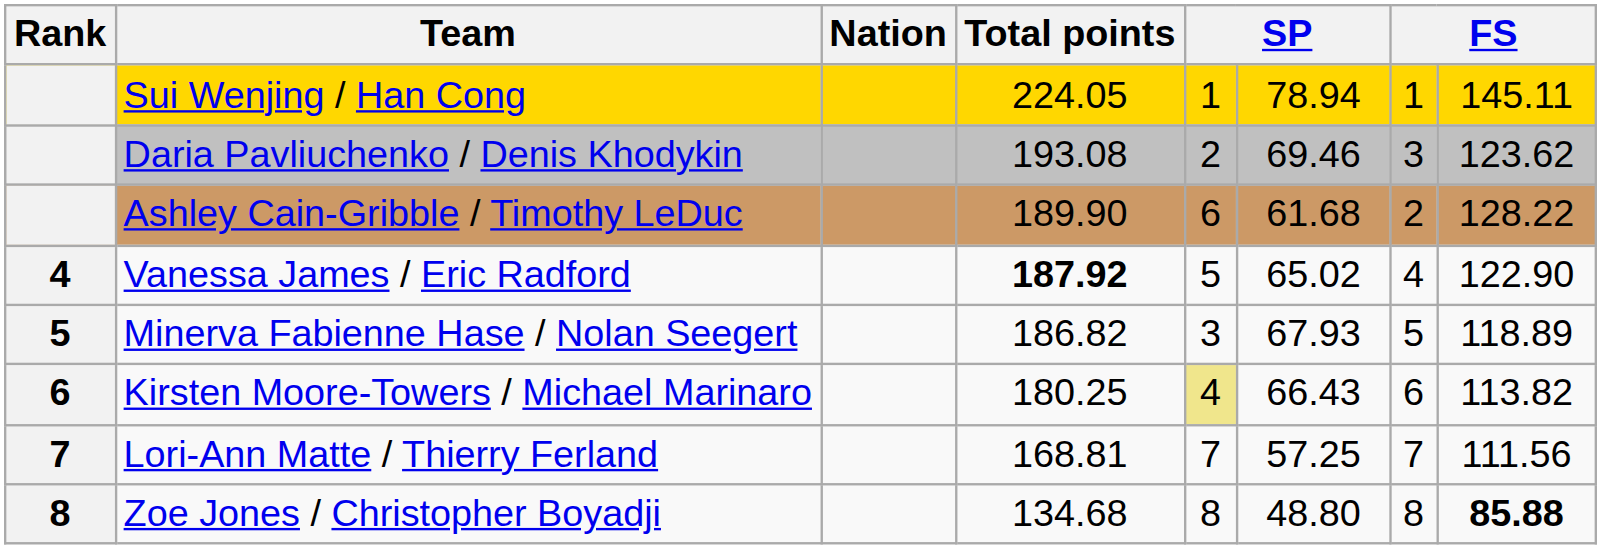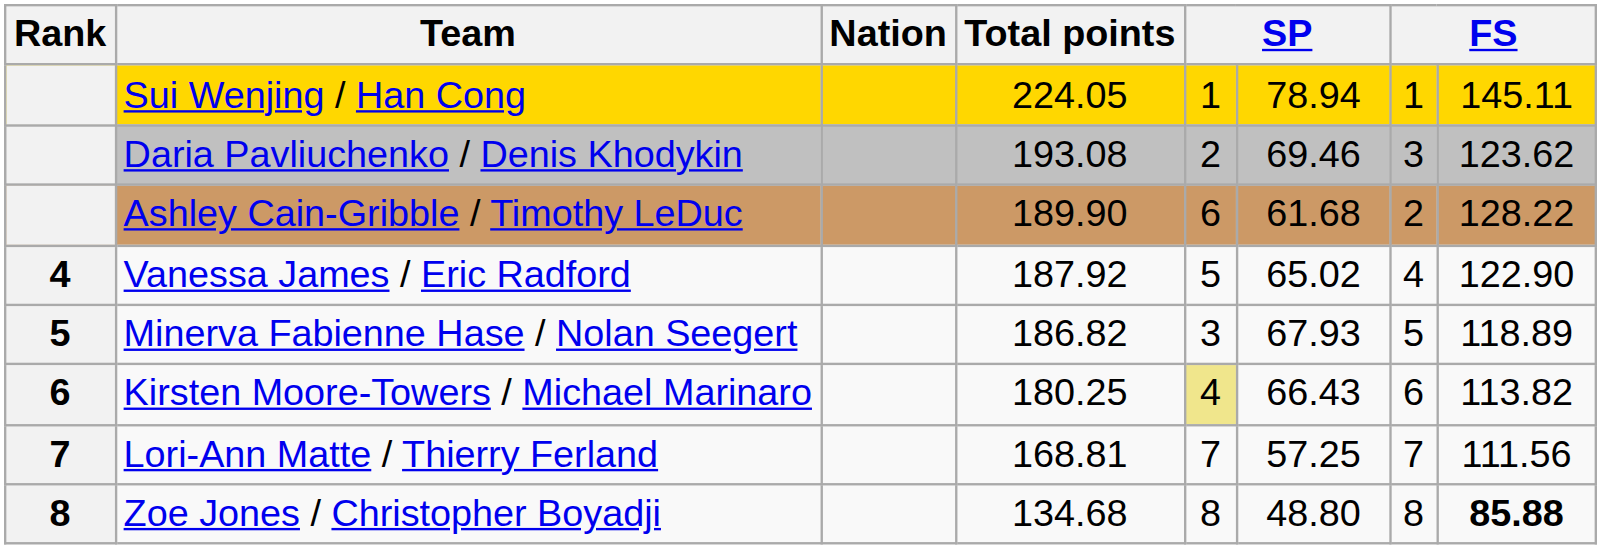 <table class="wikitable sortable" style="text-align:left">
 <tr>
 <th scope="col">Rank</th>
 <th scope="col">Team</th>
 <th scope="col">Nation</th>
 <th scope="col">Total points</th>
 <th scope="col" colspan="2" width="80px"><a href='#'>SP</a></th>
 <th scope="col" colspan="2" width="80px"><a href='#'>FS</a></th>
 </tr>
 <tr bgcolor="gold">
 <th scope="row"></th>
 <td><a href='#'>Sui Wenjing</a> / <a href='#'>Han Cong</a></td>
 <td></td>
 <td align="center">224.05</td>
 <td align="center">1</td>
 <td align="center">78.94</td>
 <td align="center">1</td>
 <td align="center">145.11</td>
 </tr>
 <tr bgcolor="silver">
 <th scope="row"></th>
 <td><a href='#'>Daria Pavliuchenko</a> / <a href='#'>Denis Khodykin</a></td>
 <td></td>
 <td align="center">193.08</td>
 <td align="center">2</td>
 <td align="center">69.46</td>
 <td align="center">3</td>
 <td align="center">123.62</td>
 </tr>
 <tr bgcolor="cc9966">
 <th scope="row"></th>
 <td><a href='#'>Ashley Cain-Gribble</a> / <a href='#'>Timothy LeDuc</a></td>
 <td></td>
 <td align="center">189.90</td>
 <td align="center">6</td>
 <td align="center">61.68</td>
 <td align="center">2</td>
 <td align="center">128.22</td>
 </tr>
 <tr>
 <th scope="row">4</th>
 <td><a href='#'>Vanessa James</a> / <a href='#'>Eric Radford</a></td>
 <td></td>
-<td align="center"><strong>187.92</strong></td>
+<td align="center">187.92</td>
 <td align="center">5</td>
 <td align="center">65.02</td>
 <td align="center">4</td>
 <td align="center">122.90</td>
 </tr>
 <tr>
 <th scope="row">5</th>
 <td><a href='#'>Minerva Fabienne Hase</a> / <a href='#'>Nolan Seegert</a></td>
 <td></td>
 <td align="center">186.82</td>
 <td align="center">3</td>
 <td align="center">67.93</td>
 <td align="center">5</td>
 <td align="center">118.89</td>
 </tr>
 <tr>
 <th scope="row">6</th>
 <td><a href='#'>Kirsten Moore-Towers</a> / <a href='#'>Michael Marinaro</a></td>
 <td></td>
 <td align="center">180.25</td>
 <td align="center" style="background: khaki;">4</td>
 <td align="center">66.43</td>
 <td align="center">6</td>
 <td align="center">113.82</td>
 </tr>
 <tr>
 <th scope="row">7</th>
 <td><a href='#'>Lori-Ann Matte</a> / <a href='#'>Thierry Ferland</a></td>
 <td></td>
 <td align="center">168.81</td>
 <td align="center">7</td>
 <td align="center">57.25</td>
 <td align="center">7</td>
 <td align="center">111.56</td>
 </tr>
 <tr>
 <th scope="row">8</th>
 <td><a href='#'>Zoe Jones</a> / <a href='#'>Christopher Boyadji</a></td>
 <td></td>
 <td align="center">134.68</td>
 <td align="center">8</td>
 <td align="center">48.80</td>
 <td align="center">8</td>
 <td align="center"><strong>85.88</strong></td>
 </tr>
 </table>
